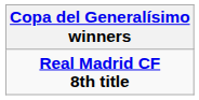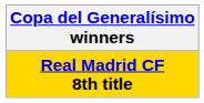 <table class="wikitable" style="text-align: center; margin: 0 auto;">
 <tr>
 <th><a href='#'>Copa del Generalísimo</a><br>winners</th>
 </tr>
 <tr>
-<td><strong><a href='#'>Real Madrid CF</a></strong><br><strong>8th title</strong></td>
+<td style="background: gold;"><strong><a href='#'>Real Madrid CF</a></strong><br><strong>8th title</strong></td>
 </tr>
 </table>
